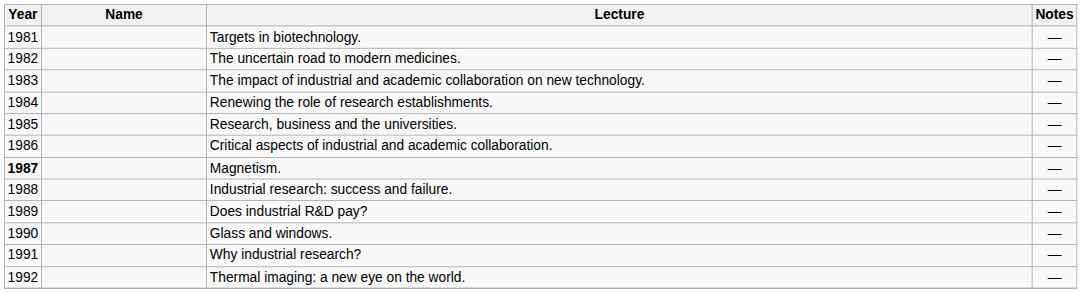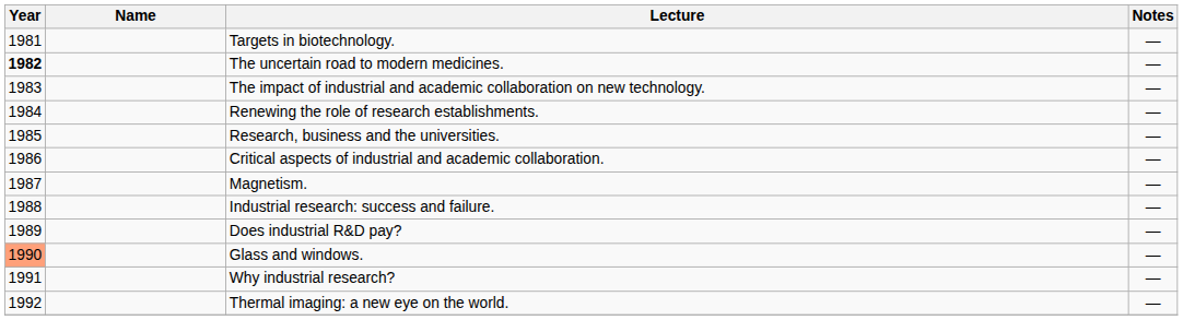 <table class="wikitable sortable" border="1" style="align:left;">
 <tr>
 <th width="4">Year</th>
 <th width="1200">Name</th>
 <th width="7000">Lecture</th>
 <th width="1" class="unsortable">Notes</th>
 </tr>
 <tr>
 <td>1981</td>
 <td></td>
 <td>Targets in biotechnology.</td>
 <td align=center>—</td>
 </tr>
 <tr>
-<td>1982</td>
+<td><strong>1982</strong></td>
 <td></td>
 <td>The uncertain road to modern medicines.</td>
 <td align=center>—</td>
 </tr>
 <tr>
 <td>1983</td>
 <td></td>
 <td>The impact of industrial and academic collaboration on new technology.</td>
 <td align=center>—</td>
 </tr>
 <tr>
 <td>1984</td>
 <td></td>
 <td>Renewing the role of research establishments.</td>
 <td align=center>—</td>
 </tr>
 <tr>
 <td>1985</td>
 <td></td>
 <td>Research, business and the universities.</td>
 <td align=center>—</td>
 </tr>
 <tr>
 <td>1986</td>
 <td></td>
 <td>Critical aspects of industrial and academic collaboration.</td>
 <td align=center>—</td>
 </tr>
 <tr>
-<td><strong>1987</strong></td>
+<td>1987</td>
 <td></td>
 <td>Magnetism.</td>
 <td align=center>—</td>
 </tr>
 <tr>
 <td>1988</td>
 <td></td>
 <td>Industrial research: success and failure.</td>
 <td align=center>—</td>
 </tr>
 <tr>
 <td>1989</td>
 <td></td>
 <td>Does industrial R&D pay?</td>
 <td align=center>—</td>
 </tr>
 <tr>
-<td>1990</td>
+<td style="background: lightsalmon;">1990</td>
 <td></td>
 <td>Glass and windows.</td>
 <td align=center>—</td>
 </tr>
 <tr>
 <td>1991</td>
 <td></td>
 <td>Why industrial research?</td>
 <td align=center>—</td>
 </tr>
 <tr>
 <td>1992</td>
 <td></td>
 <td>Thermal imaging: a new eye on the world.</td>
 <td align=center>—</td>
 </tr>
 <tr>
 </tr>
 </table>
